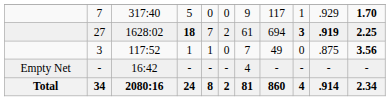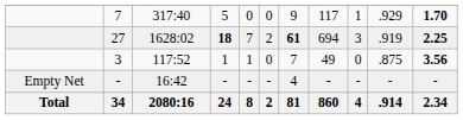 <table class="wikitable sortable" width ="60%">
 <tr align="center">
 </tr>
 <tr align="center" bgcolor="">
 <td></td>
 <td>7</td>
 <td>317:40</td>
 <td>5</td>
 <td>0</td>
 <td>0</td>
 <td>9</td>
 <td>117</td>
 <td>1</td>
 <td>.929</td>
 <td><strong>1.70</strong></td>
 </tr>
 <tr align="center" bgcolor="f0f0f0">
 <td></td>
 <td>27</td>
 <td>1628:02</td>
 <td><strong>18</strong></td>
 <td>7</td>
 <td>2</td>
-<td>61</td>
+<td><strong>61</strong></td>
 <td>694</td>
-<td><strong>3</strong></td>
-<td><strong>.919</strong></td>
+<td>3</td>
+<td>.919</td>
 <td><strong>2.25</strong></td>
 </tr>
 <tr align="center" bgcolor="">
 <td></td>
 <td>3</td>
 <td>117:52</td>
 <td>1</td>
 <td>1</td>
 <td>0</td>
 <td>7</td>
 <td>49</td>
 <td>0</td>
 <td>.875</td>
 <td><strong>3.56</strong></td>
 </tr>
 <tr align="center" bgcolor="f0f0f0">
 <td>Empty Net</td>
 <td>-</td>
 <td>16:42</td>
 <td>-</td>
 <td>-</td>
 <td>-</td>
 <td>4</td>
 <td>-</td>
 <td>-</td>
 <td>-</td>
 <td>-</td>
 </tr>
 <tr>
 <th>Total</th>
 <th>34</th>
 <th>2080:16</th>
 <th>24</th>
 <th>8</th>
 <th>2</th>
 <th>81</th>
 <th>860</th>
 <th>4</th>
 <th>.914</th>
 <th>2.34</th>
 </tr>
 </table>
